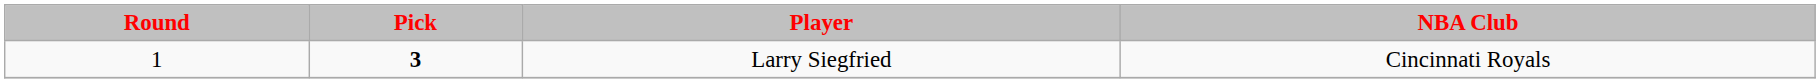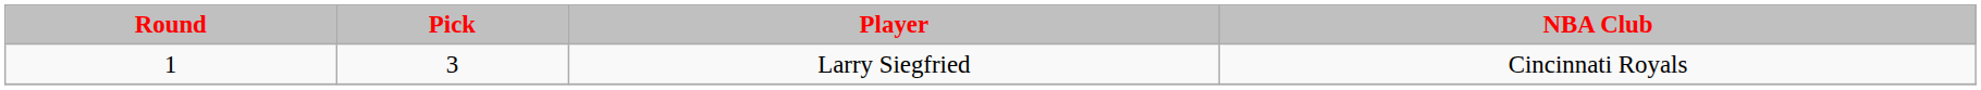 <table class="wikitable" width="80%">
 <tr align="center"  style="background:silver;color:red;">
 <td><strong>Round</strong></td>
 <td><strong>Pick</strong></td>
 <td><strong>Player</strong></td>
 <td><strong>NBA Club</strong></td>
 </tr>
 <tr align="center" bgcolor="">
 <td>1</td>
-<td><strong>3</strong></td>
+<td>3</td>
 <td>Larry Siegfried</td>
 <td>Cincinnati Royals</td>
 </tr>
 <tr align="center" bgcolor="">
 </tr>
 </table>
